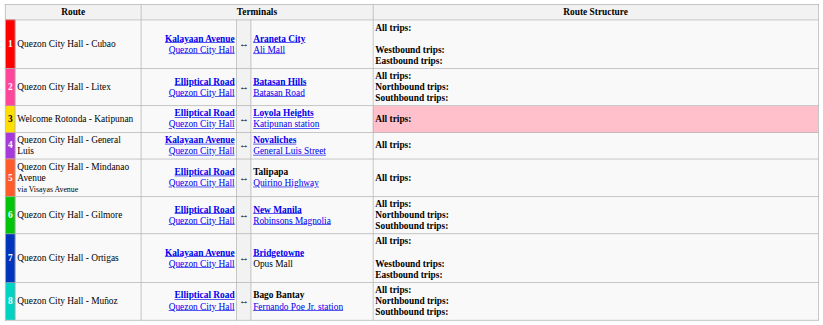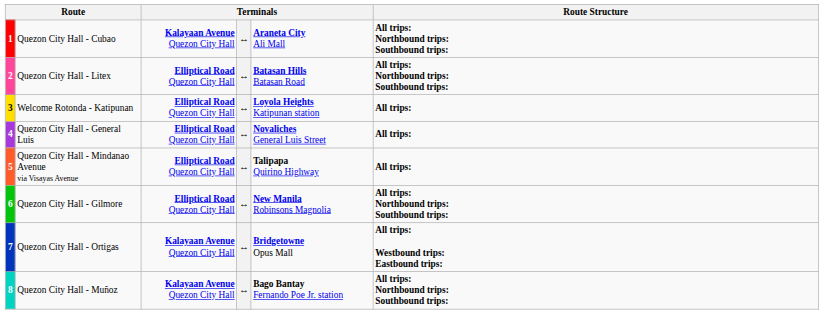 <table class="wikitable sortable" style="margin-left: auto; margin-right: auto; border: none;width: 99%;font-size: 90%;">
 <tr>
 <th style="width:15%;" colspan="2">Route</th>
 <th style="width:25%;" colspan="3" class="unsortable">Terminals</th>
 <th style="width:50%;" class="unsortable">Route Structure</th>
 </tr>
 <tr>
 <td style="background: #fe0000; color: white; text-align:center;" data-sort-value=0><strong>1</strong></td>
 <td>Quezon City Hall - Cubao</td>
 <td style="text-align:right;"><a href='#'><strong>Kalayaan Avenue</strong></a><br><a href='#'>Quezon City Hall</a></td>
 <th style="width:0.5%; text-align:center;">↔</th>
 <td><strong><a href='#'>Araneta City</a></strong><br><a href='#'>Ali Mall</a></td>
-<td><strong>All trips:</strong> <br><br><strong>Westbound trips:</strong>  <br><strong>Eastbound trips:</strong> </td>
+<td><strong>All trips:</strong> <br><strong>Northbound trips:</strong> <br><strong>Southbound trips:</strong> </td>
 </tr>
 <tr>
 <td style="background: #ff469a; color: white; text-align:center;" data-sort-value=1><strong>2</strong></td>
 <td>Quezon City Hall - Litex</td>
 <td style="text-align:right;"><strong><a href='#'>Elliptical Road</a></strong><br><a href='#'>Quezon City Hall</a></td>
 <th style="width:0.5%; text-align:center;">↔</th>
 <td><strong><a href='#'>Batasan Hills</a></strong><br><a href='#'>Batasan Road</a></td>
 <td><strong>All trips:</strong> <br><strong>Northbound trips:</strong> <br><strong>Southbound trips:</strong> </td>
 </tr>
 <tr>
 <td style="background: #ffdf00; color: black; text-align:center;" data-sort-value=1><strong>3</strong></td>
 <td>Welcome Rotonda - Katipunan</td>
 <td style="text-align:right;"><strong><a href='#'>Elliptical Road</a></strong><br><a href='#'>Quezon City Hall</a></td>
 <th style="width:0.5%; text-align:center;">↔</th>
 <td><strong><a href='#'>Loyola Heights</a></strong><br><a href='#'>Katipunan station</a></td>
-<td style="background: pink;"><strong>All trips:</strong> </td>
+<td><strong>All trips:</strong> </td>
 </tr>
 <tr>
 <td style="background: #a739da; color: white; text-align:center;" data-sort-value=1><strong>4</strong></td>
 <td>Quezon City Hall - General Luis</td>
-<td style="text-align:right;"><a href='#'><strong>Kalayaan Avenue</strong></a><br><a href='#'>Quezon City Hall</a></td>
+<td style="text-align:right;"><strong><a href='#'>Elliptical Road</a></strong><br><a href='#'>Quezon City Hall</a></td>
 <th style="width:0.5%; text-align:center;">↔</th>
 <td><strong><a href='#'>Novaliches</a></strong><br><a href='#'>General Luis Street</a></td>
 <td><strong>All trips:</strong> </td>
 </tr>
 <tr>
 <td style="background: #ff5b2b; color: white; text-align:center;" data-sort-value=1><strong>5</strong></td>
 <td>Quezon City Hall - Mindanao Avenue<br><small>via Visayas Avenue</small></td>
 <td style="text-align:right;"><strong><a href='#'>Elliptical Road</a></strong><br><a href='#'>Quezon City Hall</a></td>
 <th style="width:0.5%; text-align:center;">↔</th>
 <td><strong>Talipapa</strong><br><a href='#'>Quirino Highway</a></td>
 <td><strong>All trips:</strong> </td>
 </tr>
 <tr>
 <td style="background: #02c40b; color: white; text-align:center;" data-sort-value=1><strong>6</strong></td>
 <td>Quezon City Hall - Gilmore</td>
 <td style="text-align:right;"><strong><a href='#'>Elliptical Road</a></strong><br><a href='#'>Quezon City Hall</a></td>
 <th style="width:0.5%; text-align:center;">↔</th>
 <td><strong><a href='#'>New Manila</a></strong><br><a href='#'>Robinsons Magnolia</a></td>
 <td><strong>All trips:</strong> <br><strong>Northbound trips:</strong> <br><strong>Southbound trips:</strong> </td>
 </tr>
 <tr>
 <td style="background: #0034bb; color: white; text-align:center;" data-sort-value=1><strong>7</strong></td>
 <td>Quezon City Hall - Ortigas</td>
 <td style="text-align:right;"><a href='#'><strong>Kalayaan Avenue</strong></a><br><a href='#'>Quezon City Hall</a></td>
 <th style="width:0.5%; text-align:center;">↔</th>
 <td><strong><a href='#'>Bridgetowne</a></strong><br>Opus Mall</td>
 <td><strong>All trips:</strong> <br><br><strong>Westbound trips:</strong>  <br><strong>Eastbound trips:</strong> </td>
 </tr>
 <tr>
 <td style="background: #00d3c2; color: white; text-align:center;" data-sort-value=1><strong>8</strong></td>
 <td>Quezon City Hall - Muñoz</td>
-<td style="text-align:right;"><strong><a href='#'>Elliptical Road</a></strong><br><a href='#'>Quezon City Hall</a></td>
+<td style="text-align:right;"><a href='#'><strong>Kalayaan Avenue</strong></a><br><a href='#'>Quezon City Hall</a></td>
 <th style="width:0.5%; text-align:center;">↔</th>
 <td><strong>Bago Bantay</strong><br><a href='#'>Fernando Poe Jr. station</a></td>
 <td><strong>All trips:</strong> <br><strong>Northbound trips:</strong> <br><strong>Southbound trips:</strong> </td>
 </tr>
 </table>
